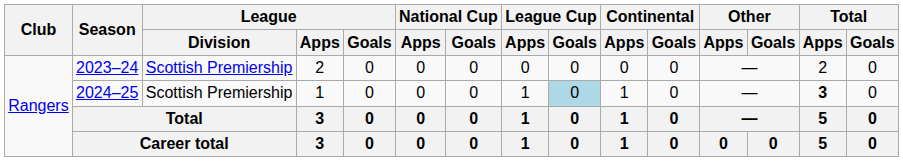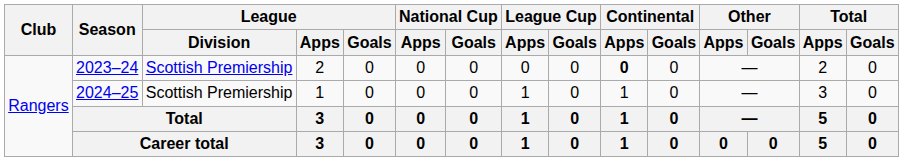 <table class="wikitable" style="text-align:center">
 <tr>
 <th rowspan="2">Club</th>
 <th rowspan="2">Season</th>
 <th colspan="3">League</th>
 <th colspan="2">National Cup</th>
 <th colspan="2">League Cup</th>
 <th colspan="2">Continental</th>
 <th colspan="2">Other</th>
 <th colspan="2">Total</th>
 </tr>
 <tr>
 <th>Division</th>
 <th>Apps</th>
 <th>Goals</th>
 <th>Apps</th>
 <th>Goals</th>
 <th>Apps</th>
 <th>Goals</th>
 <th>Apps</th>
 <th>Goals</th>
 <th>Apps</th>
 <th>Goals</th>
 <th>Apps</th>
 <th>Goals</th>
 </tr>
 <tr>
 <td rowspan="5"><a href='#'>Rangers</a></td>
 </tr>
 <tr>
 <td><a href='#'>2023–24</a></td>
 <td><a href='#'>Scottish Premiership</a></td>
 <td>2</td>
 <td>0</td>
 <td>0</td>
 <td>0</td>
 <td>0</td>
 <td>0</td>
-<td>0</td>
+<td><strong>0</strong></td>
 <td>0</td>
 <td colspan="2">—</td>
 <td>2</td>
 <td>0</td>
 </tr>
 <tr>
 <td><a href='#'>2024–25</a></td>
 <td>Scottish Premiership</td>
 <td>1</td>
 <td>0</td>
 <td>0</td>
 <td>0</td>
 <td>1</td>
-<td style="background: lightblue;">0</td>
+<td>0</td>
 <td>1</td>
 <td>0</td>
 <td colspan="2">—</td>
-<td><strong>3</strong></td>
+<td>3</td>
 <td>0</td>
 </tr>
 <tr>
 <th colspan="2">Total</th>
 <th>3</th>
 <th>0</th>
 <th>0</th>
 <th>0</th>
 <th>1</th>
 <th>0</th>
 <th>1</th>
 <th>0</th>
 <th colspan="2">—</th>
 <th>5</th>
 <th>0</th>
 </tr>
 <tr>
 <th colspan="2">Career total</th>
 <th>3</th>
 <th>0</th>
 <th>0</th>
 <th>0</th>
 <th>1</th>
 <th>0</th>
 <th>1</th>
 <th>0</th>
 <th>0</th>
 <th>0</th>
 <th>5</th>
 <th>0</th>
 </tr>
 </table>
